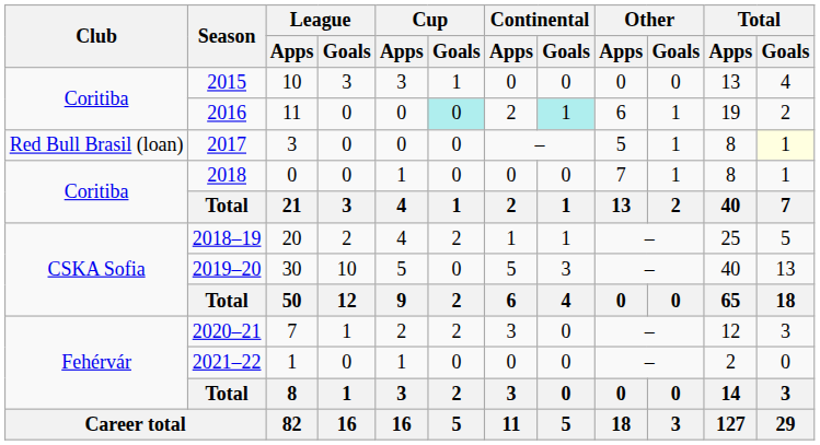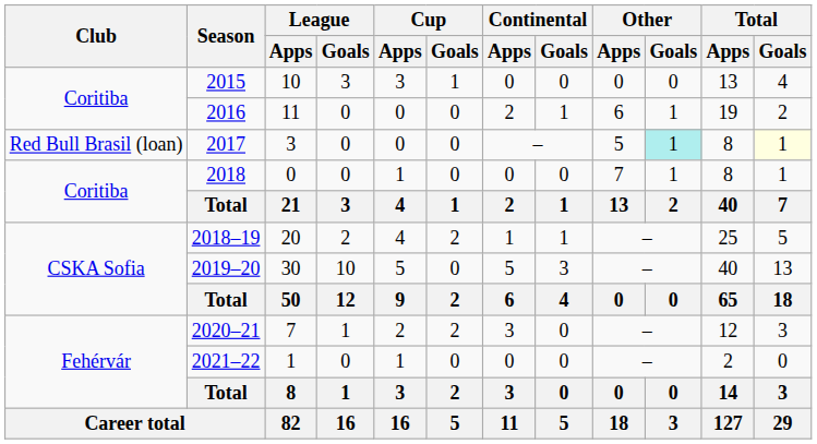 <table class="wikitable" style="text-align:center">
 <tr>
 <th rowspan="2">Club</th>
 <th rowspan="2">Season</th>
 <th colspan="2">League</th>
 <th colspan="2">Cup</th>
 <th colspan="2">Continental</th>
 <th colspan="2">Other</th>
 <th colspan="2">Total</th>
 </tr>
 <tr>
 <th>Apps</th>
 <th>Goals</th>
 <th>Apps</th>
 <th>Goals</th>
 <th>Apps</th>
 <th>Goals</th>
 <th>Apps</th>
 <th>Goals</th>
 <th>Apps</th>
 <th>Goals</th>
 </tr>
 <tr>
 <td rowspan="2"><a href='#'>Coritiba</a></td>
 <td><a href='#'>2015</a></td>
 <td>10</td>
 <td>3</td>
 <td>3</td>
 <td>1</td>
 <td>0</td>
 <td>0</td>
 <td>0</td>
 <td>0</td>
 <td>13</td>
 <td>4</td>
 </tr>
 <tr>
 <td><a href='#'>2016</a></td>
 <td>11</td>
 <td>0</td>
 <td>0</td>
-<td style="background: paleturquoise;">0</td>
+<td>0</td>
 <td>2</td>
-<td style="background: paleturquoise;">1</td>
+<td>1</td>
 <td>6</td>
 <td>1</td>
 <td>19</td>
 <td>2</td>
 </tr>
 <tr>
 <td><a href='#'>Red Bull Brasil</a> (loan)</td>
 <td><a href='#'>2017</a></td>
 <td>3</td>
 <td>0</td>
 <td>0</td>
 <td>0</td>
 <td colspan="2">–</td>
 <td>5</td>
-<td>1</td>
+<td style="background: paleturquoise;">1</td>
 <td>8</td>
 <td style="background: lightyellow;">1</td>
 </tr>
 <tr>
 <td rowspan="2"><a href='#'>Coritiba</a></td>
 <td><a href='#'>2018</a></td>
 <td>0</td>
 <td>0</td>
 <td>1</td>
 <td>0</td>
 <td>0</td>
 <td>0</td>
 <td>7</td>
 <td>1</td>
 <td>8</td>
 <td>1</td>
 </tr>
 <tr>
 <th>Total</th>
 <th>21</th>
 <th>3</th>
 <th>4</th>
 <th>1</th>
 <th>2</th>
 <th>1</th>
 <th>13</th>
 <th>2</th>
 <th>40</th>
 <th>7</th>
 </tr>
 <tr>
 <td rowspan="3"><a href='#'>CSKA Sofia</a></td>
 <td><a href='#'>2018–19</a></td>
 <td>20</td>
 <td>2</td>
 <td>4</td>
 <td>2</td>
 <td>1</td>
 <td>1</td>
 <td colspan="2">–</td>
 <td>25</td>
 <td>5</td>
 </tr>
 <tr>
 <td><a href='#'>2019–20</a></td>
 <td>30</td>
 <td>10</td>
 <td>5</td>
 <td>0</td>
 <td>5</td>
 <td>3</td>
 <td colspan="2">–</td>
 <td>40</td>
 <td>13</td>
 </tr>
 <tr>
 <th>Total</th>
 <th>50</th>
 <th>12</th>
 <th>9</th>
 <th>2</th>
 <th>6</th>
 <th>4</th>
 <th>0</th>
 <th>0</th>
 <th>65</th>
 <th>18</th>
 </tr>
 <tr>
 <td rowspan="3"><a href='#'>Fehérvár</a></td>
 <td><a href='#'>2020–21</a></td>
 <td>7</td>
 <td>1</td>
 <td>2</td>
 <td>2</td>
 <td>3</td>
 <td>0</td>
 <td colspan="2">–</td>
 <td>12</td>
 <td>3</td>
 </tr>
 <tr>
 <td><a href='#'>2021–22</a></td>
 <td>1</td>
 <td>0</td>
 <td>1</td>
 <td>0</td>
 <td>0</td>
 <td>0</td>
 <td colspan="2">–</td>
 <td>2</td>
 <td>0</td>
 </tr>
 <tr>
 <th>Total</th>
 <th>8</th>
 <th>1</th>
 <th>3</th>
 <th>2</th>
 <th>3</th>
 <th>0</th>
 <th>0</th>
 <th>0</th>
 <th>14</th>
 <th>3</th>
 </tr>
 <tr>
 <th colspan="2">Career total</th>
 <th>82</th>
 <th>16</th>
 <th>16</th>
 <th>5</th>
 <th>11</th>
 <th>5</th>
 <th>18</th>
 <th>3</th>
 <th>127</th>
 <th>29</th>
 </tr>
 </table>
